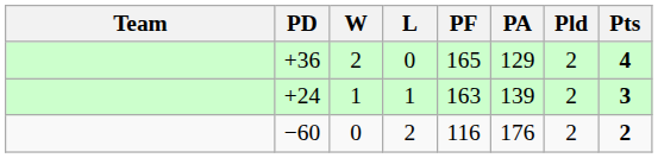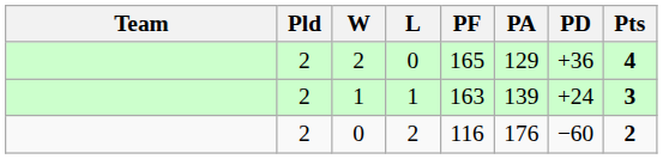 <table class=wikitable style="text-align:center">
 <tr>
 <th width=180>Team</th>
-<th width=30>PD</th>
+<th width=30>Pld</th>
 <th width=30>W</th>
 <th width=30>L</th>
 <th width=30>PF</th>
 <th width=30>PA</th>
-<th width=30>Pld</th>
+<th width=30>PD</th>
 <th width=30>Pts</th>
 </tr>
 <tr bgcolor="#ccffcc">
 <td align="left"></td>
-<td>+36</td>
+<td>2</td>
 <td>2</td>
 <td>0</td>
 <td>165</td>
 <td>129</td>
-<td>2</td>
+<td>+36</td>
 <td><strong>4</strong></td>
 </tr>
 <tr bgcolor="#ccffcc">
 <td align="left"></td>
-<td>+24</td>
+<td>2</td>
 <td>1</td>
 <td>1</td>
 <td>163</td>
 <td>139</td>
-<td>2</td>
+<td>+24</td>
 <td><strong>3</strong></td>
 </tr>
 <tr>
 <td align="left"></td>
-<td>−60</td>
+<td>2</td>
 <td>0</td>
 <td>2</td>
 <td>116</td>
 <td>176</td>
-<td>2</td>
+<td>−60</td>
 <td><strong>2</strong></td>
 </tr>
 </table>
